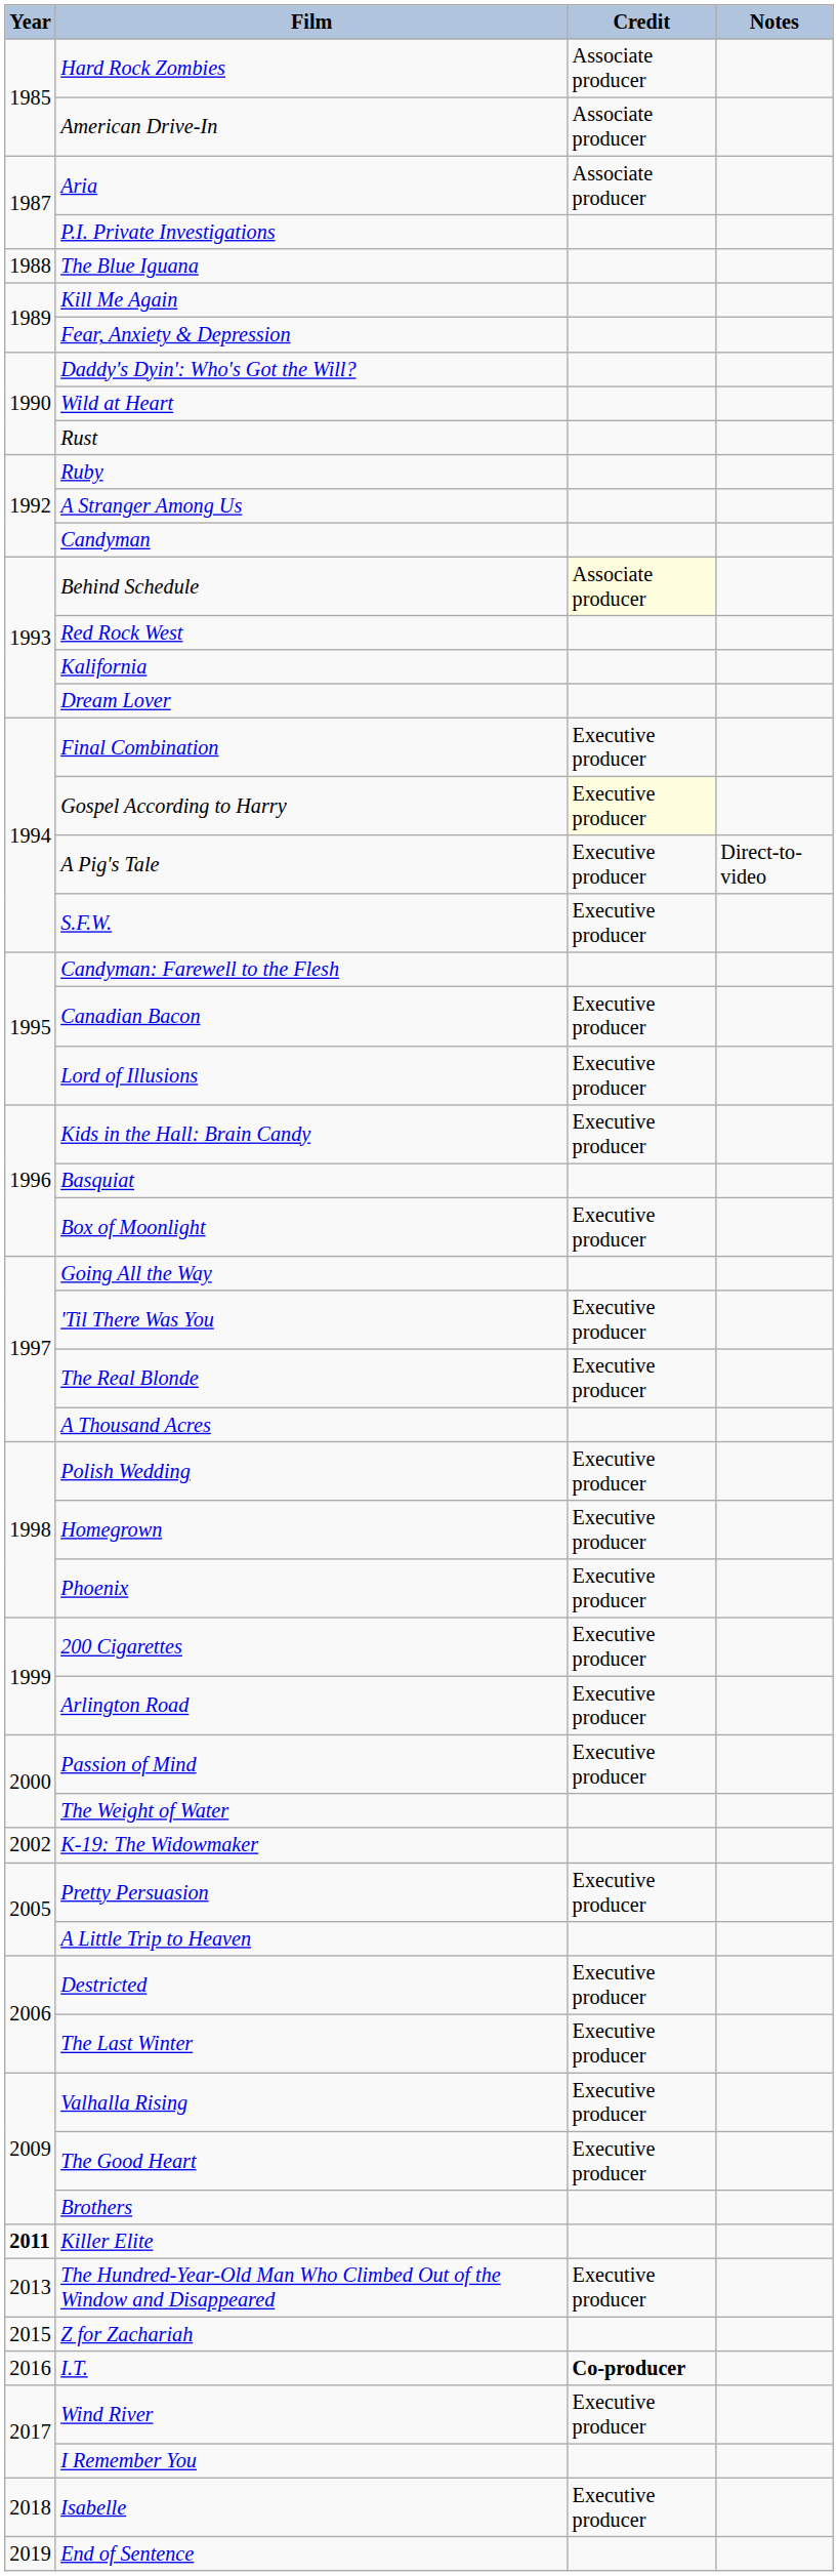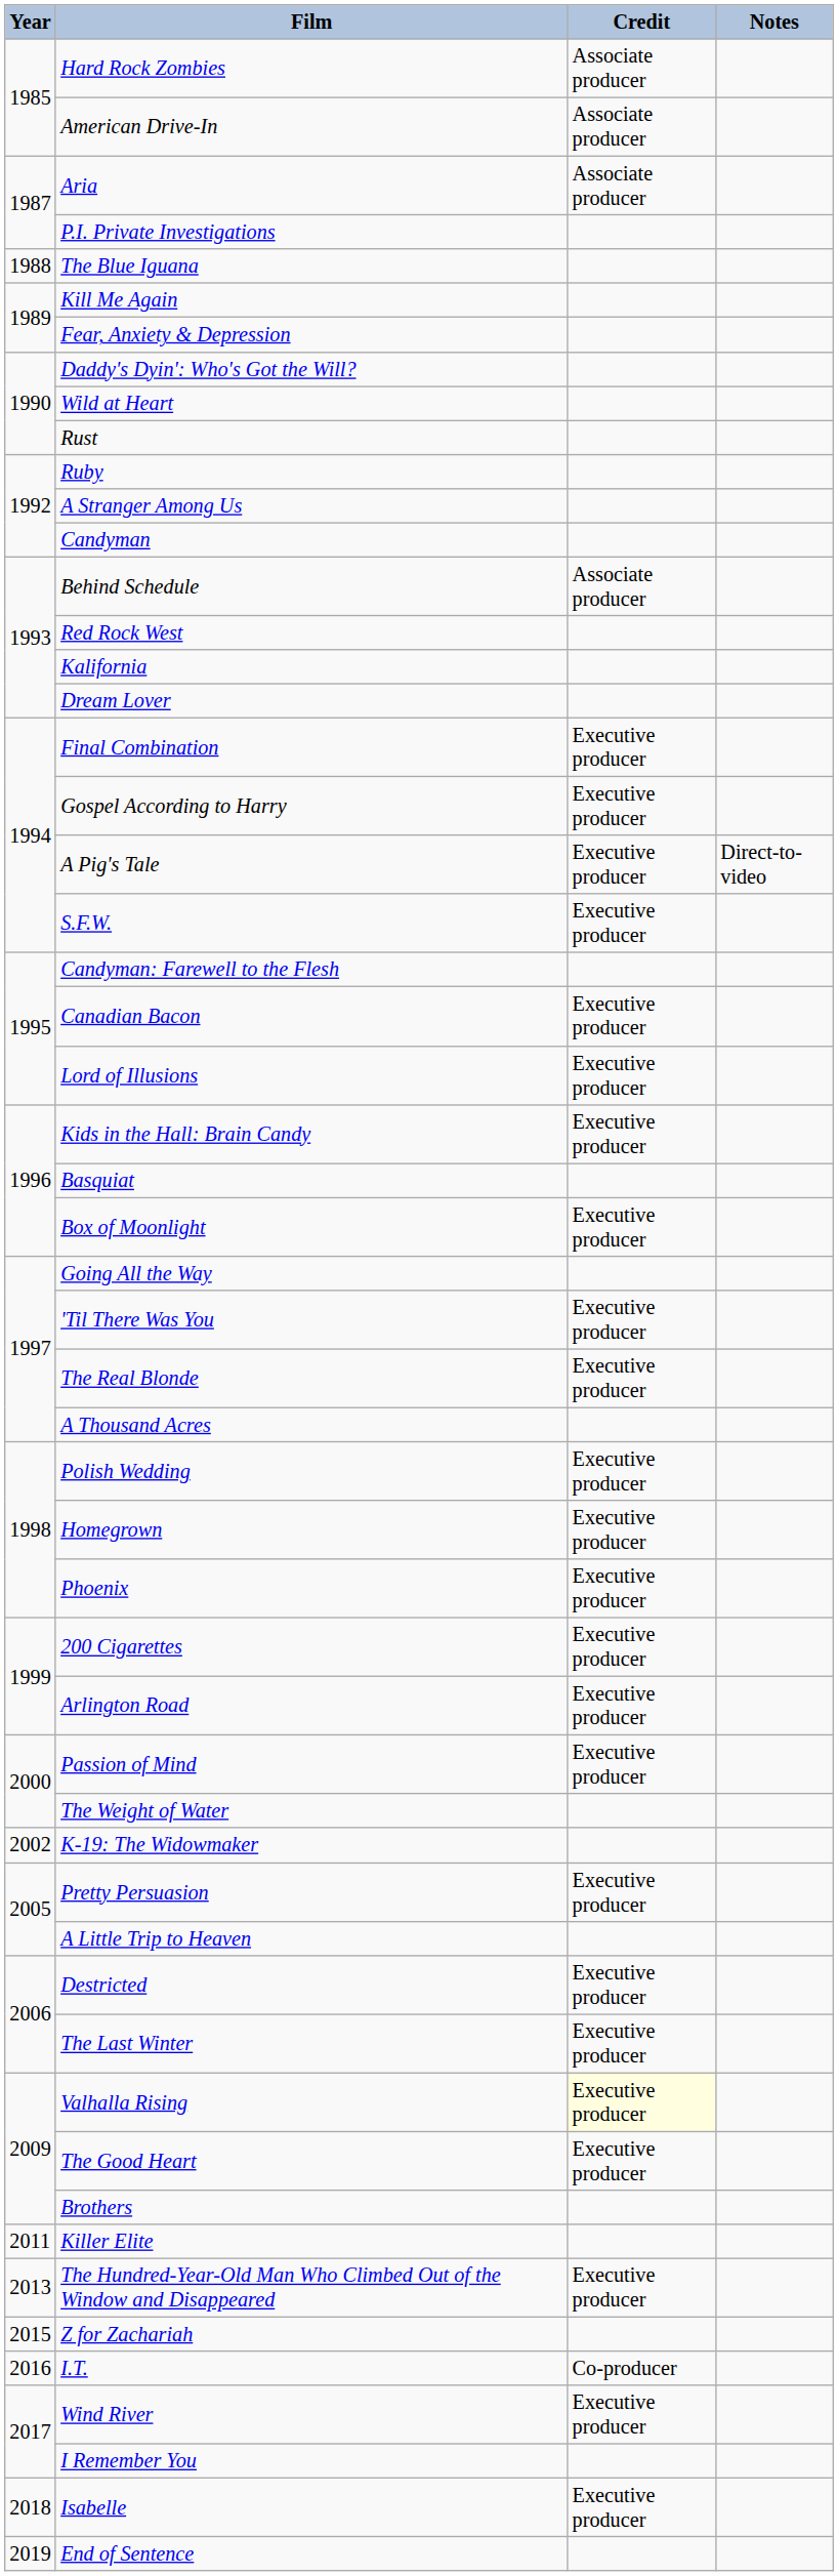 <table class="wikitable" style="font-size:95%;">
 <tr>
 <th style="background:#B0C4DE;">Year</th>
 <th style="background:#B0C4DE;">Film</th>
 <th style="background:#B0C4DE;">Credit</th>
 <th style="background:#B0C4DE;">Notes</th>
 </tr>
 <tr>
 <td rowspan=2>1985</td>
 <td><em><a href='#'>Hard Rock Zombies</a></em></td>
 <td>Associate producer</td>
 <td></td>
 </tr>
 <tr>
 <td><em>American Drive-In</em></td>
 <td>Associate producer</td>
 <td></td>
 </tr>
 <tr>
 <td rowspan=2>1987</td>
 <td><em><a href='#'>Aria</a></em></td>
 <td>Associate producer</td>
 <td></td>
 </tr>
 <tr>
 <td><em><a href='#'>P.I. Private Investigations</a></em></td>
 <td></td>
 <td></td>
 </tr>
 <tr>
 <td>1988</td>
 <td><em><a href='#'>The Blue Iguana</a></em></td>
 <td></td>
 <td></td>
 </tr>
 <tr>
 <td rowspan=2>1989</td>
 <td><em><a href='#'>Kill Me Again</a></em></td>
 <td></td>
 <td></td>
 </tr>
 <tr>
 <td><em><a href='#'>Fear, Anxiety & Depression</a></em></td>
 <td></td>
 <td></td>
 </tr>
 <tr>
 <td rowspan=3>1990</td>
 <td><em><a href='#'>Daddy's Dyin': Who's Got the Will?</a></em></td>
 <td></td>
 <td></td>
 </tr>
 <tr>
 <td><em><a href='#'>Wild at Heart</a></em></td>
 <td></td>
 <td></td>
 </tr>
 <tr>
 <td><em>Rust</em></td>
 <td></td>
 <td></td>
 </tr>
 <tr>
 <td rowspan=3>1992</td>
 <td><em><a href='#'>Ruby</a></em></td>
 <td></td>
 <td></td>
 </tr>
 <tr>
 <td><em><a href='#'>A Stranger Among Us</a></em></td>
 <td></td>
 <td></td>
 </tr>
 <tr>
 <td><em><a href='#'>Candyman</a></em></td>
 <td></td>
 <td></td>
 </tr>
 <tr>
 <td rowspan=4>1993</td>
 <td><em>Behind Schedule</em></td>
-<td style="background: lightyellow;">Associate producer</td>
+<td>Associate producer</td>
 <td></td>
 </tr>
 <tr>
 <td><em><a href='#'>Red Rock West</a></em></td>
 <td></td>
 <td></td>
 </tr>
 <tr>
 <td><em><a href='#'>Kalifornia</a></em></td>
 <td></td>
 <td></td>
 </tr>
 <tr>
 <td><em><a href='#'>Dream Lover</a></em></td>
 <td></td>
 <td></td>
 </tr>
 <tr>
 <td rowspan=4>1994</td>
 <td><em><a href='#'>Final Combination</a></em></td>
 <td>Executive producer</td>
 <td></td>
 </tr>
 <tr>
 <td><em>Gospel According to Harry</em></td>
-<td style="background: lightyellow;">Executive producer</td>
+<td>Executive producer</td>
 <td></td>
 </tr>
 <tr>
 <td><em>A Pig's Tale</em></td>
 <td>Executive producer</td>
 <td>Direct-to-video</td>
 </tr>
 <tr>
 <td><em><a href='#'>S.F.W.</a></em></td>
 <td>Executive producer</td>
 <td></td>
 </tr>
 <tr>
 <td rowspan=3>1995</td>
 <td><em><a href='#'>Candyman: Farewell to the Flesh</a></em></td>
 <td></td>
 <td></td>
 </tr>
 <tr>
 <td><em><a href='#'>Canadian Bacon</a></em></td>
 <td>Executive producer</td>
 <td></td>
 </tr>
 <tr>
 <td><em><a href='#'>Lord of Illusions</a></em></td>
 <td>Executive producer</td>
 <td></td>
 </tr>
 <tr>
 <td rowspan=3>1996</td>
 <td><em><a href='#'>Kids in the Hall: Brain Candy</a></em></td>
 <td>Executive producer</td>
 <td></td>
 </tr>
 <tr>
 <td><em><a href='#'>Basquiat</a></em></td>
 <td></td>
 <td></td>
 </tr>
 <tr>
 <td><em><a href='#'>Box of Moonlight</a></em></td>
 <td>Executive producer</td>
 <td></td>
 </tr>
 <tr>
 <td rowspan=4>1997</td>
 <td><em><a href='#'>Going All the Way</a></em></td>
 <td></td>
 <td></td>
 </tr>
 <tr>
 <td><em><a href='#'>'Til There Was You</a></em></td>
 <td>Executive producer</td>
 <td></td>
 </tr>
 <tr>
 <td><em><a href='#'>The Real Blonde</a></em></td>
 <td>Executive producer</td>
 <td></td>
 </tr>
 <tr>
 <td><em><a href='#'>A Thousand Acres</a></em></td>
 <td></td>
 <td></td>
 </tr>
 <tr>
 <td rowspan=3>1998</td>
 <td><em><a href='#'>Polish Wedding</a></em></td>
 <td>Executive producer</td>
 <td></td>
 </tr>
 <tr>
 <td><em><a href='#'>Homegrown</a></em></td>
 <td>Executive producer</td>
 <td></td>
 </tr>
 <tr>
 <td><em><a href='#'>Phoenix</a></em></td>
 <td>Executive producer</td>
 <td></td>
 </tr>
 <tr>
 <td rowspan=2>1999</td>
 <td><em><a href='#'>200 Cigarettes</a></em></td>
 <td>Executive producer</td>
 <td></td>
 </tr>
 <tr>
 <td><em><a href='#'>Arlington Road</a></em></td>
 <td>Executive producer</td>
 <td></td>
 </tr>
 <tr>
 <td rowspan=2>2000</td>
 <td><em><a href='#'>Passion of Mind</a></em></td>
 <td>Executive producer</td>
 <td></td>
 </tr>
 <tr>
 <td><em><a href='#'>The Weight of Water</a></em></td>
 <td></td>
 <td></td>
 </tr>
 <tr>
 <td>2002</td>
 <td><em><a href='#'>K-19: The Widowmaker</a></em></td>
 <td></td>
 <td></td>
 </tr>
 <tr>
 <td rowspan=2>2005</td>
 <td><em><a href='#'>Pretty Persuasion</a></em></td>
 <td>Executive producer</td>
 <td></td>
 </tr>
 <tr>
 <td><em><a href='#'>A Little Trip to Heaven</a></em></td>
 <td></td>
 <td></td>
 </tr>
 <tr>
 <td rowspan=2>2006</td>
 <td><em><a href='#'>Destricted</a></em></td>
 <td>Executive producer</td>
 <td></td>
 </tr>
 <tr>
 <td><em><a href='#'>The Last Winter</a></em></td>
 <td>Executive producer</td>
 <td></td>
 </tr>
 <tr>
 <td rowspan=3>2009</td>
 <td><em><a href='#'>Valhalla Rising</a></em></td>
-<td>Executive producer</td>
+<td style="background: lightyellow;">Executive producer</td>
 <td></td>
 </tr>
 <tr>
 <td><em><a href='#'>The Good Heart</a></em></td>
 <td>Executive producer</td>
 <td></td>
 </tr>
 <tr>
 <td><em><a href='#'>Brothers</a></em></td>
 <td></td>
 <td></td>
 </tr>
 <tr>
-<td><strong>2011</strong></td>
+<td>2011</td>
 <td><em><a href='#'>Killer Elite</a></em></td>
 <td></td>
 <td></td>
 </tr>
 <tr>
 <td>2013</td>
 <td><em><a href='#'>The Hundred-Year-Old Man Who Climbed Out of the Window and Disappeared</a></em></td>
 <td>Executive producer</td>
 <td></td>
 </tr>
 <tr>
 <td>2015</td>
 <td><em><a href='#'>Z for Zachariah</a></em></td>
 <td></td>
 <td></td>
 </tr>
 <tr>
 <td>2016</td>
 <td><em><a href='#'>I.T.</a></em></td>
-<td><strong>Co-producer</strong></td>
+<td>Co-producer</td>
 <td></td>
 </tr>
 <tr>
 <td rowspan=2>2017</td>
 <td><em><a href='#'>Wind River</a></em></td>
 <td>Executive producer</td>
 <td></td>
 </tr>
 <tr>
 <td><em><a href='#'>I Remember You</a></em></td>
 <td></td>
 <td></td>
 </tr>
 <tr>
 <td>2018</td>
 <td><em><a href='#'>Isabelle</a></em></td>
 <td>Executive producer</td>
 <td></td>
 </tr>
 <tr>
 <td>2019</td>
 <td><em><a href='#'>End of Sentence</a></em></td>
 <td></td>
 <td></td>
 </tr>
 </table>
